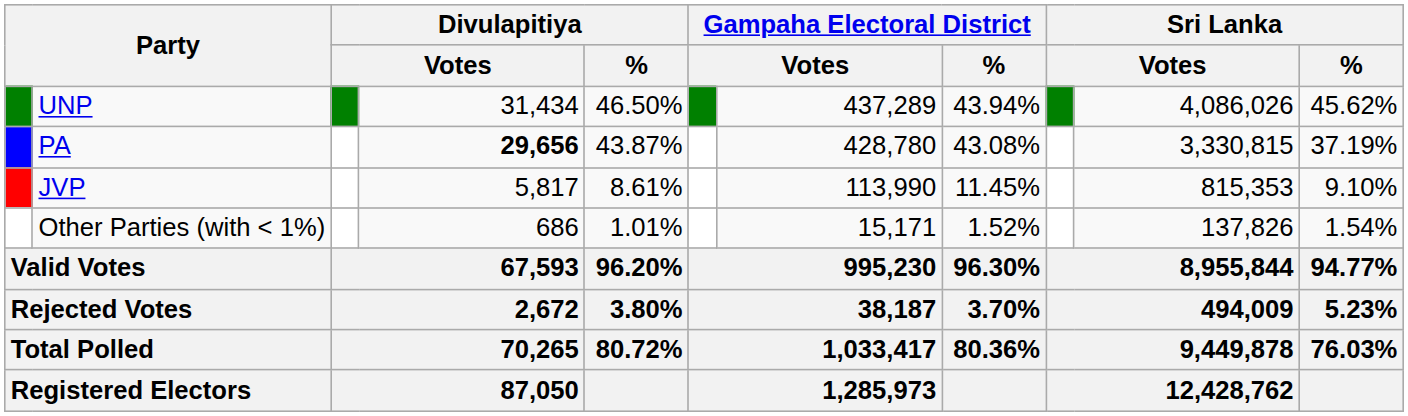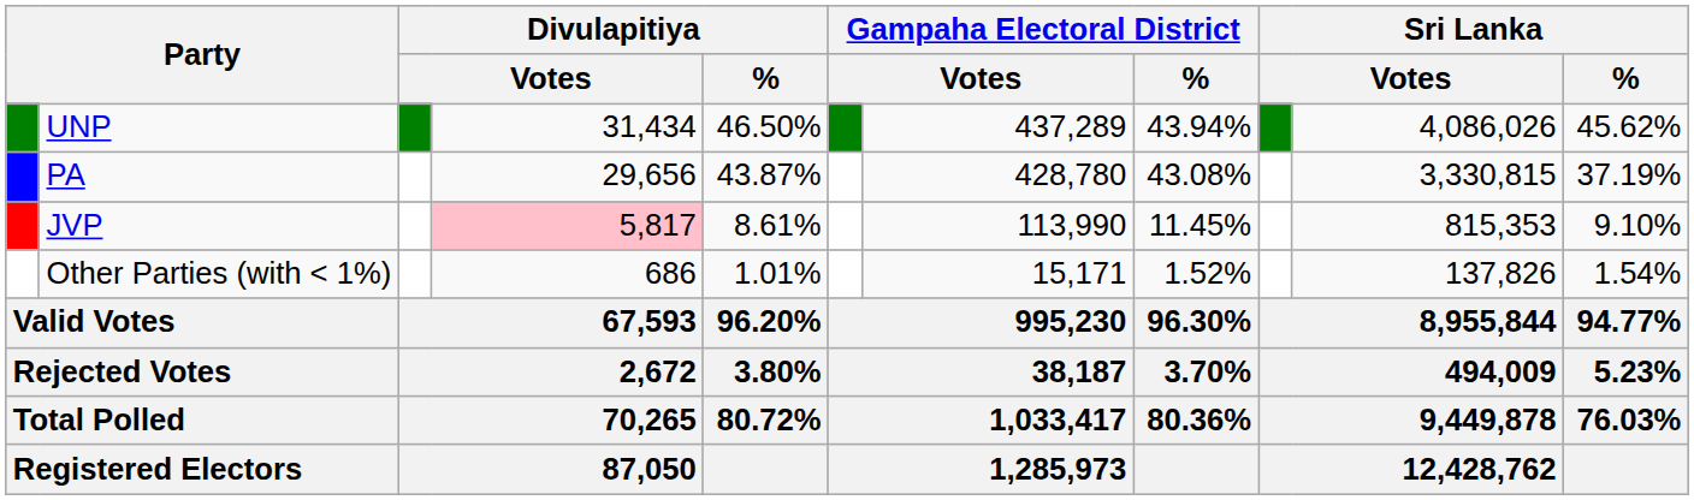 <table class="wikitable">
 <tr>
 <th colspan="2" width="144px"rowspan="2">Party</th>
 <th colspan="3" width="216px">Divulapitiya</th>
 <th colspan="3" width="216px"><a href='#'>Gampaha Electoral District</a></th>
 <th colspan="3" width="216px">Sri Lanka</th>
 </tr>
 <tr>
 <th colspan="2" width="144px">Votes</th>
 <th>%</th>
 <th colspan="2" width="144px">Votes</th>
 <th>%</th>
 <th colspan="2" width="144px">Votes</th>
 <th>%</th>
 </tr>
 <tr>
 <td style="background-color:green;" width="10px"></td>
 <td style="text-align:left;"><a href='#'>UNP</a></td>
 <td style="background-color:green;" width="10px"></td>
 <td style="text-align:right;">31,434</td>
 <td style="text-align:right;">46.50%</td>
 <td style="background-color:green;" width="10px"></td>
 <td style="text-align:right;">437,289</td>
 <td style="text-align:right;">43.94%</td>
 <td style="background-color:green;" width="10px"></td>
 <td style="text-align:right;">4,086,026</td>
 <td style="text-align:right;">45.62%</td>
 </tr>
 <tr>
 <td style="background-color:blue;" width="10px"></td>
 <td style="text-align:left;"><a href='#'>PA</a></td>
 <td style="background-color:white;" width="10px"></td>
-<td style="text-align:right;"><strong>29,656</strong></td>
+<td style="text-align:right;">29,656</td>
 <td style="text-align:right;">43.87%</td>
 <td style="background-color:white;" width="10px"></td>
 <td style="text-align:right;">428,780</td>
 <td style="text-align:right;">43.08%</td>
 <td style="background-color:white;" width="10px"></td>
 <td style="text-align:right;">3,330,815</td>
 <td style="text-align:right;">37.19%</td>
 </tr>
 <tr>
 <td style="background-color:red;" width="10px"></td>
 <td style="text-align:left;"><a href='#'>JVP</a></td>
 <td style="background-color:white;" width="10px"></td>
-<td style="text-align:right;">5,817</td>
+<td style="background: pink; text-align:right;">5,817</td>
 <td style="text-align:right;">8.61%</td>
 <td style="background-color:white;" width="10px"></td>
 <td style="text-align:right;">113,990</td>
 <td style="text-align:right;">11.45%</td>
 <td style="background-color:white;" width="10px"></td>
 <td style="text-align:right;">815,353</td>
 <td style="text-align:right;">9.10%</td>
 </tr>
 <tr>
 <td style="background-color:white;" width="10px"></td>
 <td style="text-align:left;">Other Parties (with < 1%)</td>
 <td style="background-color:white;" width="10px"></td>
 <td style="text-align:right;">686</td>
 <td style="text-align:right;">1.01%</td>
 <td style="background-color:white;" width="10px"></td>
 <td style="text-align:right;">15,171</td>
 <td style="text-align:right;">1.52%</td>
 <td style="background-color:white;" width="10px"></td>
 <td style="text-align:right;">137,826</td>
 <td style="text-align:right;">1.54%</td>
 </tr>
 <tr>
 <th colspan="2" width="144px"style="text-align:left;">Valid Votes</th>
 <th style="text-align:right;"colspan="2" width="144px">67,593</th>
 <th style="text-align:right;">96.20%</th>
 <th style="text-align:right;"colspan="2" width="144px">995,230</th>
 <th style="text-align:right;">96.30%</th>
 <th style="text-align:right;"colspan="2" width="144px">8,955,844</th>
 <th style="text-align:right;">94.77%</th>
 </tr>
 <tr>
 <th colspan="2" width="144px"style="text-align:left;">Rejected Votes</th>
 <th style="text-align:right;"colspan="2" width="144px">2,672</th>
 <th style="text-align:right;">3.80%</th>
 <th style="text-align:right;"colspan="2" width="144px">38,187</th>
 <th style="text-align:right;">3.70%</th>
 <th style="text-align:right;"colspan="2" width="144px">494,009</th>
 <th style="text-align:right;">5.23%</th>
 </tr>
 <tr>
 <th colspan="2" width="144px"style="text-align:left;">Total Polled</th>
 <th style="text-align:right;"colspan="2" width="144px">70,265</th>
 <th style="text-align:right;">80.72%</th>
 <th style="text-align:right;"colspan="2" width="144px">1,033,417</th>
 <th style="text-align:right;">80.36%</th>
 <th style="text-align:right;"colspan="2" width="144px">9,449,878</th>
 <th style="text-align:right;">76.03%</th>
 </tr>
 <tr>
 <th colspan="2" width="144px"style="text-align:left;">Registered Electors</th>
 <th style="text-align:right;"colspan="2" width="144px">87,050</th>
 <th></th>
 <th style="text-align:right;"colspan="2" width="144px">1,285,973</th>
 <th></th>
 <th style="text-align:right;"colspan="2" width="144px">12,428,762</th>
 <th></th>
 </tr>
 </table>
